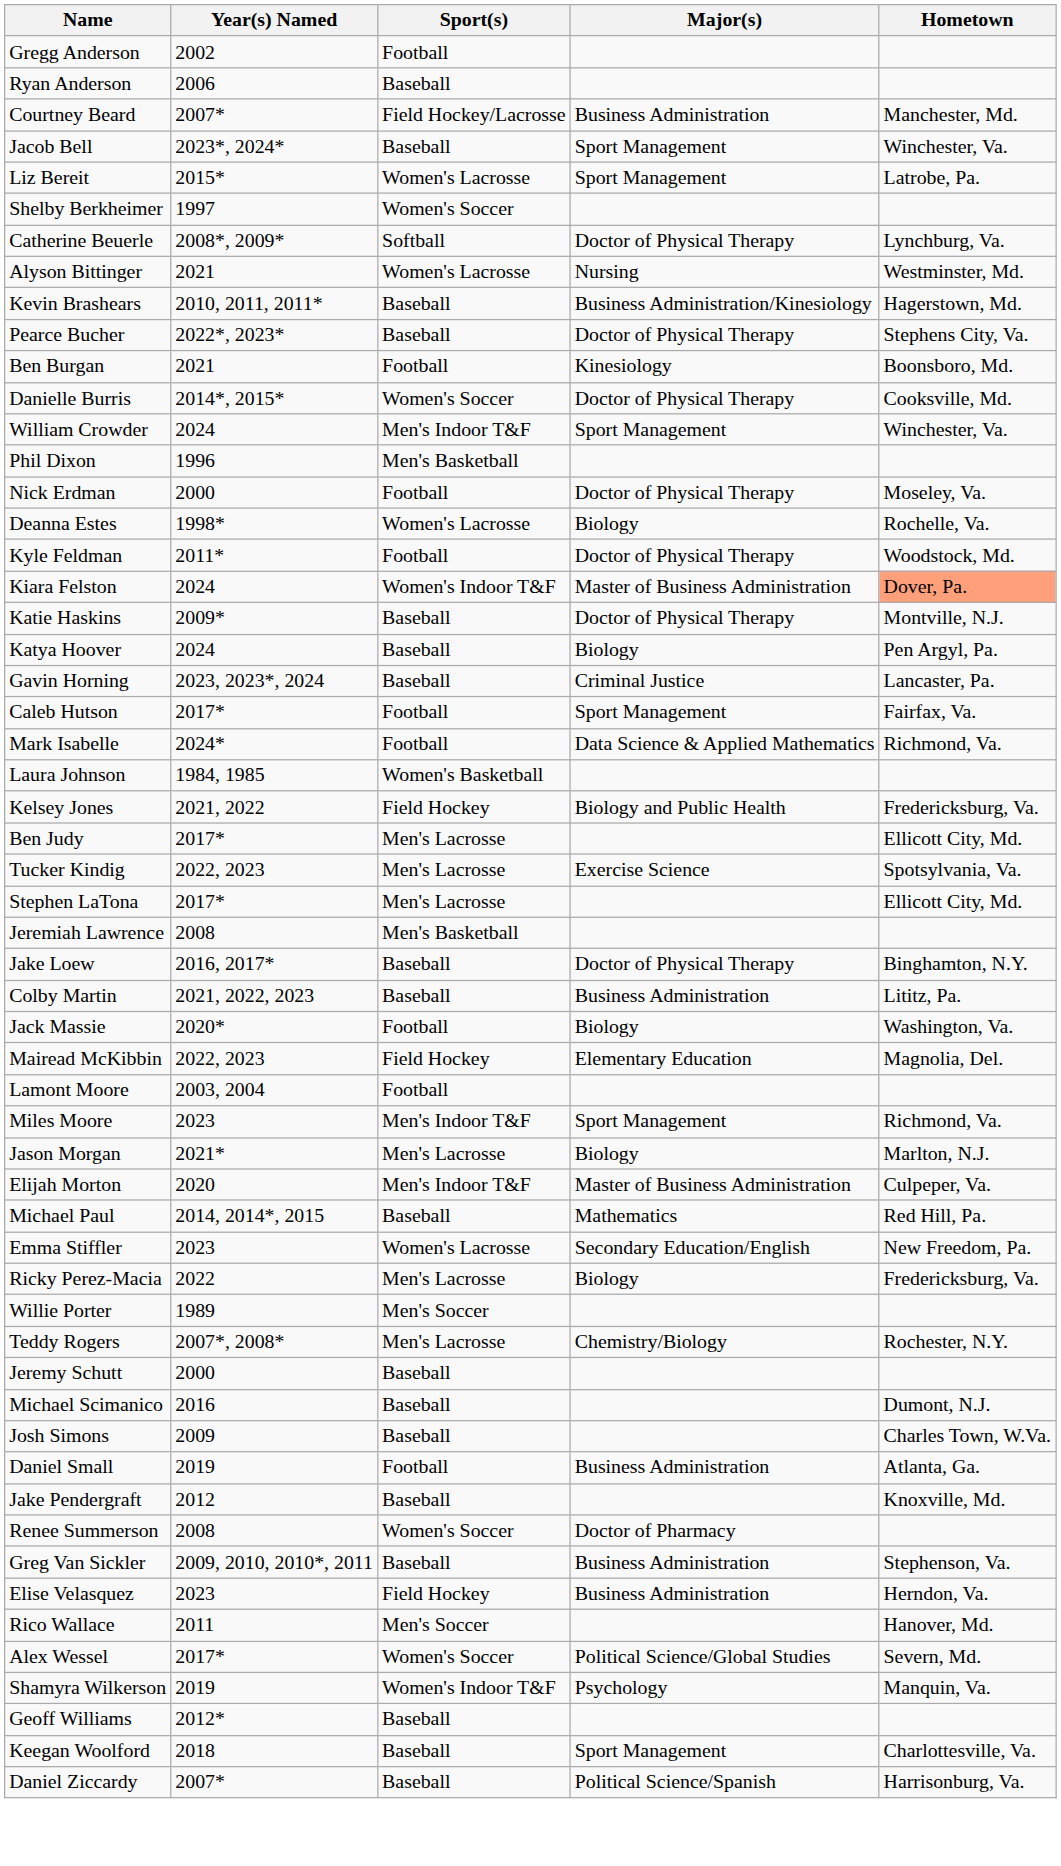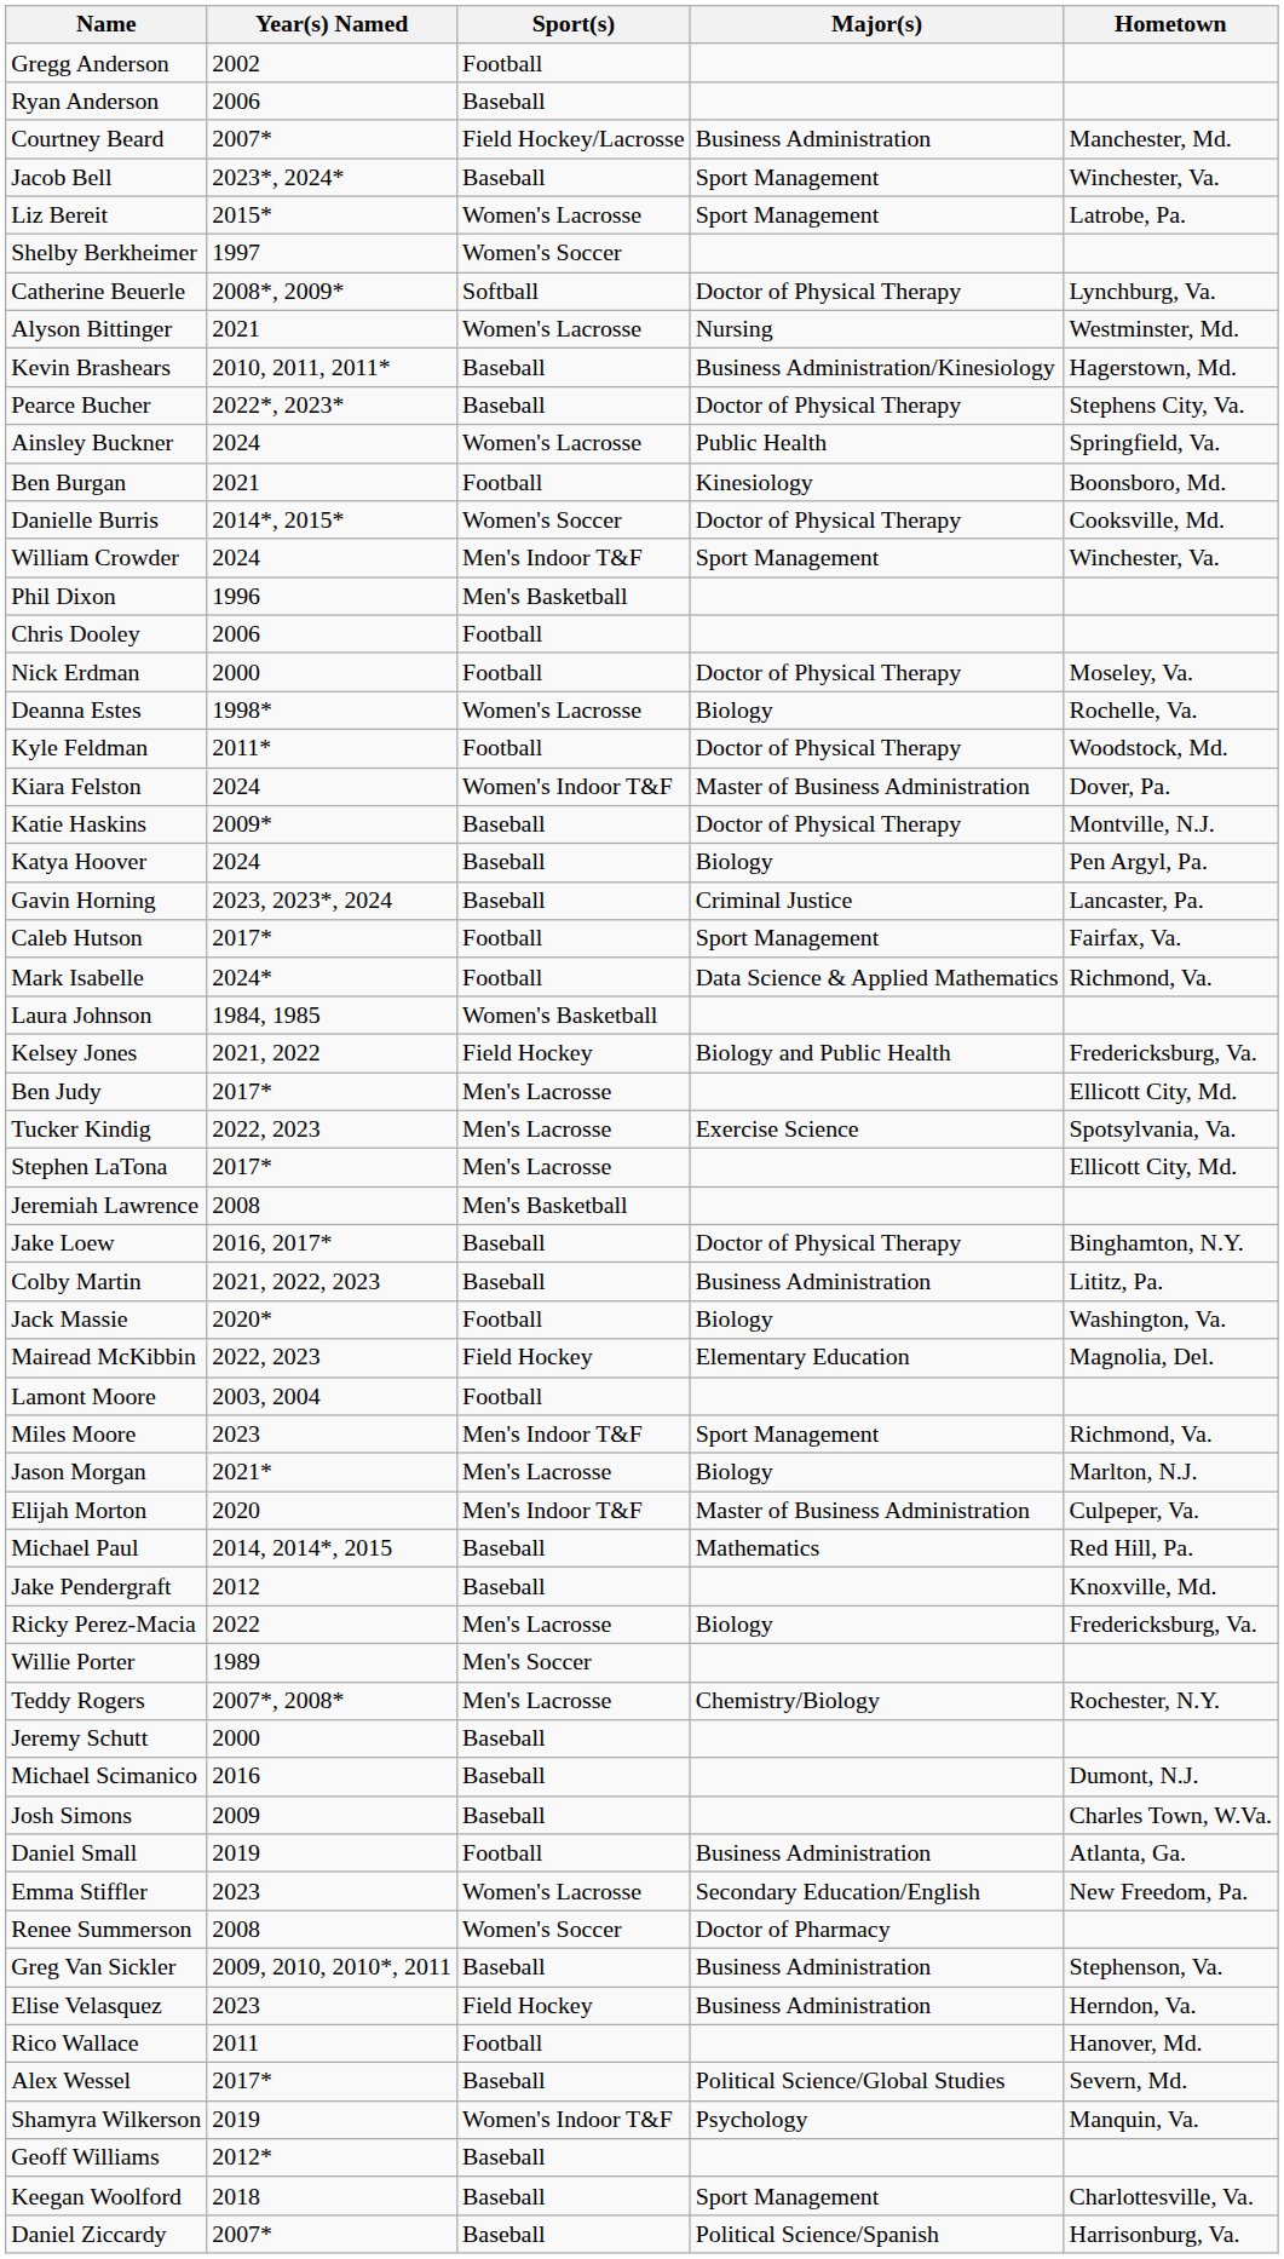 <table class="wikitable sortable" style="text-align: ">
 <tr>
 <th>Name</th>
 <th>Year(s) Named</th>
 <th>Sport(s)</th>
 <th>Major(s)</th>
 <th>Hometown</th>
 </tr>
 <tr>
 <td>Gregg Anderson</td>
 <td>2002</td>
 <td>Football</td>
 <td></td>
 <td></td>
 </tr>
 <tr>
 <td>Ryan Anderson</td>
 <td>2006</td>
 <td>Baseball</td>
 <td></td>
 <td></td>
 </tr>
 <tr>
 <td>Courtney Beard</td>
 <td>2007*</td>
 <td>Field Hockey/Lacrosse</td>
 <td>Business Administration</td>
 <td>Manchester, Md.</td>
 </tr>
 <tr>
 <td>Jacob Bell</td>
 <td>2023*, 2024*</td>
 <td>Baseball</td>
 <td>Sport Management</td>
 <td>Winchester, Va.</td>
 </tr>
 <tr>
 <td>Liz Bereit</td>
 <td>2015*</td>
 <td>Women's Lacrosse</td>
 <td>Sport Management</td>
 <td>Latrobe, Pa.</td>
 </tr>
 <tr>
 <td>Shelby Berkheimer</td>
 <td>1997</td>
 <td>Women's Soccer</td>
 <td></td>
 <td></td>
 </tr>
 <tr>
 <td>Catherine Beuerle</td>
 <td>2008*, 2009*</td>
 <td>Softball</td>
 <td>Doctor of Physical Therapy</td>
 <td>Lynchburg, Va.</td>
 </tr>
 <tr>
 <td>Alyson Bittinger</td>
 <td>2021</td>
 <td>Women's Lacrosse</td>
 <td>Nursing</td>
 <td>Westminster, Md.</td>
 </tr>
 <tr>
 <td>Kevin Brashears</td>
 <td>2010, 2011, 2011*</td>
 <td>Baseball</td>
 <td>Business Administration/Kinesiology</td>
 <td>Hagerstown, Md.</td>
 </tr>
 <tr>
 <td>Pearce Bucher</td>
 <td>2022*, 2023*</td>
 <td>Baseball</td>
 <td>Doctor of Physical Therapy</td>
 <td>Stephens City, Va.</td>
 </tr>
 <tr>
+<td>Ainsley Buckner</td>
+<td>2024</td>
+<td>Women's Lacrosse</td>
+<td>Public Health</td>
+<td>Springfield, Va.</td>
+</tr>
+<tr>
 <td>Ben Burgan</td>
 <td>2021</td>
 <td>Football</td>
 <td>Kinesiology</td>
 <td>Boonsboro, Md.</td>
 </tr>
 <tr>
 <td>Danielle Burris</td>
 <td>2014*, 2015*</td>
 <td>Women's Soccer</td>
 <td>Doctor of Physical Therapy</td>
 <td>Cooksville, Md.</td>
 </tr>
 <tr>
 <td>William Crowder</td>
 <td>2024</td>
 <td>Men's Indoor T&F</td>
 <td>Sport Management</td>
 <td>Winchester, Va.</td>
 </tr>
 <tr>
 <td>Phil Dixon</td>
 <td>1996</td>
 <td>Men's Basketball</td>
+<td></td>
+<td></td>
+</tr>
+<tr>
+<td>Chris Dooley</td>
+<td>2006</td>
+<td>Football</td>
 <td></td>
 <td></td>
 </tr>
 <tr>
 <td>Nick Erdman</td>
 <td>2000</td>
 <td>Football</td>
 <td>Doctor of Physical Therapy</td>
 <td>Moseley, Va.</td>
 </tr>
 <tr>
 <td>Deanna Estes</td>
 <td>1998*</td>
 <td>Women's Lacrosse</td>
 <td>Biology</td>
 <td>Rochelle, Va.</td>
 </tr>
 <tr>
 <td>Kyle Feldman</td>
 <td>2011*</td>
 <td>Football</td>
 <td>Doctor of Physical Therapy</td>
 <td>Woodstock, Md.</td>
 </tr>
 <tr>
 <td>Kiara Felston</td>
 <td>2024</td>
 <td>Women's Indoor T&F</td>
 <td>Master of Business Administration</td>
-<td style="background: lightsalmon;">Dover, Pa.</td>
+<td>Dover, Pa.</td>
 </tr>
 <tr>
 <td>Katie Haskins</td>
 <td>2009*</td>
 <td>Baseball</td>
 <td>Doctor of Physical Therapy</td>
 <td>Montville, N.J.</td>
 </tr>
 <tr>
 <td>Katya Hoover</td>
 <td>2024</td>
 <td>Baseball</td>
 <td>Biology</td>
 <td>Pen Argyl, Pa.</td>
 </tr>
 <tr>
 <td>Gavin Horning</td>
 <td>2023, 2023*, 2024</td>
 <td>Baseball</td>
 <td>Criminal Justice</td>
 <td>Lancaster, Pa.</td>
 </tr>
 <tr>
 <td>Caleb Hutson</td>
 <td>2017*</td>
 <td>Football</td>
 <td>Sport Management</td>
 <td>Fairfax, Va.</td>
 </tr>
 <tr>
 <td>Mark Isabelle</td>
 <td>2024*</td>
 <td>Football</td>
 <td>Data Science & Applied Mathematics</td>
 <td>Richmond, Va.</td>
 </tr>
 <tr>
 <td>Laura Johnson</td>
 <td>1984, 1985</td>
 <td>Women's Basketball</td>
 <td></td>
 <td></td>
 </tr>
 <tr>
 <td>Kelsey Jones</td>
 <td>2021, 2022</td>
 <td>Field Hockey</td>
 <td>Biology and Public Health</td>
 <td>Fredericksburg, Va.</td>
 </tr>
 <tr>
 <td>Ben Judy</td>
 <td>2017*</td>
 <td>Men's Lacrosse</td>
 <td></td>
 <td>Ellicott City, Md.</td>
 </tr>
 <tr>
 <td>Tucker Kindig</td>
 <td>2022, 2023</td>
 <td>Men's Lacrosse</td>
 <td>Exercise Science</td>
 <td>Spotsylvania, Va.</td>
 </tr>
 <tr>
 <td>Stephen LaTona</td>
 <td>2017*</td>
 <td>Men's Lacrosse</td>
 <td></td>
 <td>Ellicott City, Md.</td>
 </tr>
 <tr>
 <td>Jeremiah Lawrence</td>
 <td>2008</td>
 <td>Men's Basketball</td>
 <td></td>
 <td></td>
 </tr>
 <tr>
 <td>Jake Loew</td>
 <td>2016, 2017*</td>
 <td>Baseball</td>
 <td>Doctor of Physical Therapy</td>
 <td>Binghamton, N.Y.</td>
 </tr>
 <tr>
 <td>Colby Martin</td>
 <td>2021, 2022, 2023</td>
 <td>Baseball</td>
 <td>Business Administration</td>
 <td>Lititz, Pa.</td>
 </tr>
 <tr>
 <td>Jack Massie</td>
 <td>2020*</td>
 <td>Football</td>
 <td>Biology</td>
 <td>Washington, Va.</td>
 </tr>
 <tr>
 <td>Mairead McKibbin</td>
 <td>2022, 2023</td>
 <td>Field Hockey</td>
 <td>Elementary Education</td>
 <td>Magnolia, Del.</td>
 </tr>
 <tr>
 <td>Lamont Moore</td>
 <td>2003, 2004</td>
 <td>Football</td>
 <td></td>
 <td></td>
 </tr>
 <tr>
 <td>Miles Moore</td>
 <td>2023</td>
 <td>Men's Indoor T&F</td>
 <td>Sport Management</td>
 <td>Richmond, Va.</td>
 </tr>
 <tr>
 <td>Jason Morgan</td>
 <td>2021*</td>
 <td>Men's Lacrosse</td>
 <td>Biology</td>
 <td>Marlton, N.J.</td>
 </tr>
 <tr>
 <td>Elijah Morton</td>
 <td>2020</td>
 <td>Men's Indoor T&F</td>
 <td>Master of Business Administration</td>
 <td>Culpeper, Va.</td>
 </tr>
 <tr>
 <td>Michael Paul</td>
 <td>2014, 2014*, 2015</td>
 <td>Baseball</td>
 <td>Mathematics</td>
 <td>Red Hill, Pa.</td>
 </tr>
 <tr>
-<td>Emma Stiffler</td>
-<td>2023</td>
-<td>Women's Lacrosse</td>
-<td>Secondary Education/English</td>
-<td>New Freedom, Pa.</td>
+<td>Jake Pendergraft</td>
+<td>2012</td>
+<td>Baseball</td>
+<td></td>
+<td>Knoxville, Md.</td>
 </tr>
 <tr>
 <td>Ricky Perez-Macia</td>
 <td>2022</td>
 <td>Men's Lacrosse</td>
 <td>Biology</td>
 <td>Fredericksburg, Va.</td>
 </tr>
 <tr>
 <td>Willie Porter</td>
 <td>1989</td>
 <td>Men's Soccer</td>
 <td></td>
 <td></td>
 </tr>
 <tr>
 <td>Teddy Rogers</td>
 <td>2007*, 2008*</td>
 <td>Men's Lacrosse</td>
 <td>Chemistry/Biology</td>
 <td>Rochester, N.Y.</td>
 </tr>
 <tr>
 <td>Jeremy Schutt</td>
 <td>2000</td>
 <td>Baseball</td>
 <td></td>
 <td></td>
 </tr>
 <tr>
 <td>Michael Scimanico</td>
 <td>2016</td>
 <td>Baseball</td>
 <td></td>
 <td>Dumont, N.J.</td>
 </tr>
 <tr>
 <td>Josh Simons</td>
 <td>2009</td>
 <td>Baseball</td>
 <td></td>
 <td>Charles Town, W.Va.</td>
 </tr>
 <tr>
 <td>Daniel Small</td>
 <td>2019</td>
 <td>Football</td>
 <td>Business Administration</td>
 <td>Atlanta, Ga.</td>
 </tr>
 <tr>
-<td>Jake Pendergraft</td>
-<td>2012</td>
-<td>Baseball</td>
-<td></td>
-<td>Knoxville, Md.</td>
+<td>Emma Stiffler</td>
+<td>2023</td>
+<td>Women's Lacrosse</td>
+<td>Secondary Education/English</td>
+<td>New Freedom, Pa.</td>
 </tr>
 <tr>
 <td>Renee Summerson</td>
 <td>2008</td>
 <td>Women's Soccer</td>
 <td>Doctor of Pharmacy</td>
 <td></td>
 </tr>
 <tr>
 <td>Greg Van Sickler</td>
 <td>2009, 2010, 2010*, 2011</td>
 <td>Baseball</td>
 <td>Business Administration</td>
 <td>Stephenson, Va.</td>
 </tr>
 <tr>
 <td>Elise Velasquez</td>
 <td>2023</td>
 <td>Field Hockey</td>
 <td>Business Administration</td>
 <td>Herndon, Va.</td>
 </tr>
 <tr>
 <td>Rico Wallace</td>
 <td>2011</td>
-<td>Men's Soccer</td>
+<td>Football</td>
 <td></td>
 <td>Hanover, Md.</td>
 </tr>
 <tr>
 <td>Alex Wessel</td>
 <td>2017*</td>
-<td>Women's Soccer</td>
+<td>Baseball</td>
 <td>Political Science/Global Studies</td>
 <td>Severn, Md.</td>
 </tr>
 <tr>
 <td>Shamyra Wilkerson</td>
 <td>2019</td>
 <td>Women's Indoor T&F</td>
 <td>Psychology</td>
 <td>Manquin, Va.</td>
 </tr>
 <tr>
 <td>Geoff Williams</td>
 <td>2012*</td>
 <td>Baseball</td>
 <td></td>
 <td></td>
 </tr>
 <tr>
 <td>Keegan Woolford</td>
 <td>2018</td>
 <td>Baseball</td>
 <td>Sport Management</td>
 <td>Charlottesville, Va.</td>
 </tr>
 <tr>
 <td>Daniel Ziccardy</td>
 <td>2007*</td>
 <td>Baseball</td>
 <td>Political Science/Spanish</td>
 <td>Harrisonburg, Va.</td>
 </tr>
 </table>
